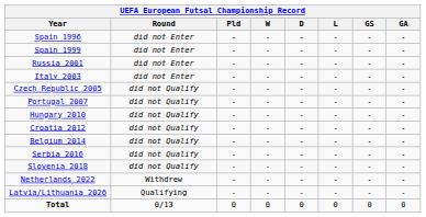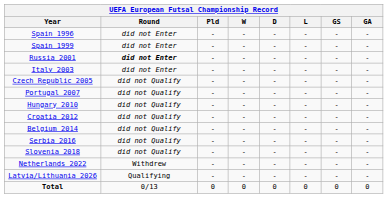 <table class="wikitable"  style="width:50%; text-align:center; font-size:90%;">
 <tr>
 <th colspan=8><a href='#'>UEFA European Futsal Championship Record</a></th>
 </tr>
 <tr>
 <th width=25%>Year</th>
 <th width=25%>Round</th>
 <th width=8%>Pld</th>
 <th width=8%>W</th>
 <th width=8%>D</th>
 <th width=8%>L</th>
 <th width=8%>GS</th>
 <th width=8%>GA</th>
 </tr>
 <tr>
 <td><a href='#'>Spain 1996</a></td>
 <td><em>did not Enter</em></td>
 <td>-</td>
 <td>-</td>
 <td>-</td>
 <td>-</td>
 <td>-</td>
 <td>-</td>
 </tr>
 <tr>
 <td><a href='#'>Spain 1999</a></td>
 <td><em>did not Enter</em></td>
 <td>-</td>
 <td>-</td>
 <td>-</td>
 <td>-</td>
 <td>-</td>
 <td>-</td>
 </tr>
 <tr>
 <td><a href='#'>Russia 2001</a></td>
-<td><em>did not Enter</em></td>
+<td><strong><em>did not Enter</em></strong></td>
 <td>-</td>
 <td>-</td>
 <td>-</td>
 <td>-</td>
 <td>-</td>
 <td>-</td>
 </tr>
 <tr>
 <td><a href='#'>Italy 2003</a></td>
 <td><em>did not Enter</em></td>
 <td>-</td>
 <td>-</td>
 <td>-</td>
 <td>-</td>
 <td>-</td>
 <td>-</td>
 </tr>
 <tr>
 <td><a href='#'>Czech Republic 2005</a></td>
 <td><em>did not Qualify</em></td>
 <td>-</td>
 <td>-</td>
 <td>-</td>
 <td>-</td>
 <td>-</td>
 <td>-</td>
 </tr>
 <tr>
 <td><a href='#'>Portugal 2007</a></td>
 <td><em>did not Qualify</em></td>
 <td>-</td>
 <td>-</td>
 <td>-</td>
 <td>-</td>
 <td>-</td>
 <td>-</td>
 </tr>
 <tr>
 <td><a href='#'>Hungary 2010</a></td>
 <td><em>did not Qualify</em></td>
 <td>-</td>
 <td>-</td>
 <td>-</td>
 <td>-</td>
 <td>-</td>
 <td>-</td>
 </tr>
 <tr>
 <td><a href='#'>Croatia 2012</a></td>
 <td><em>did not Qualify</em></td>
 <td>-</td>
 <td>-</td>
 <td>-</td>
 <td>-</td>
 <td>-</td>
 <td>-</td>
 </tr>
 <tr>
 <td><a href='#'>Belgium 2014</a></td>
 <td><em>did not Qualify</em></td>
 <td>-</td>
 <td>-</td>
 <td>-</td>
 <td>-</td>
 <td>-</td>
 <td>-</td>
 </tr>
 <tr>
 <td><a href='#'>Serbia 2016</a></td>
 <td><em>did not Qualify</em></td>
 <td>-</td>
 <td>-</td>
 <td>-</td>
 <td>-</td>
 <td>-</td>
 <td>-</td>
 </tr>
 <tr>
 <td><a href='#'>Slovenia 2018</a></td>
 <td><em>did not Qualify</em></td>
 <td>-</td>
 <td>-</td>
 <td>-</td>
 <td>-</td>
 <td>-</td>
 <td>-</td>
 </tr>
 <tr>
 <td><a href='#'>Netherlands 2022</a></td>
 <td>Withdrew</td>
 <td>-</td>
 <td>-</td>
 <td>-</td>
 <td>-</td>
 <td>-</td>
 <td>-</td>
 </tr>
 <tr>
 <td><a href='#'>Latvia/Lithuania 2026</a></td>
 <td>Qualifying</td>
 <td>-</td>
 <td>-</td>
 <td>-</td>
 <td>-</td>
 <td>-</td>
 <td>-</td>
 </tr>
 <tr>
 <td><strong>Total</strong></td>
 <td>0/13</td>
 <td>0</td>
 <td>0</td>
 <td>0</td>
 <td>0</td>
 <td>0</td>
 <td>0</td>
 </tr>
 </table>
